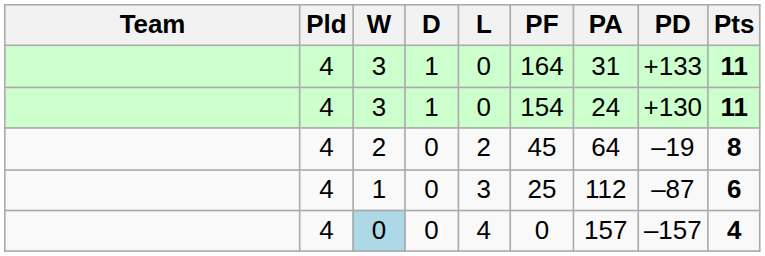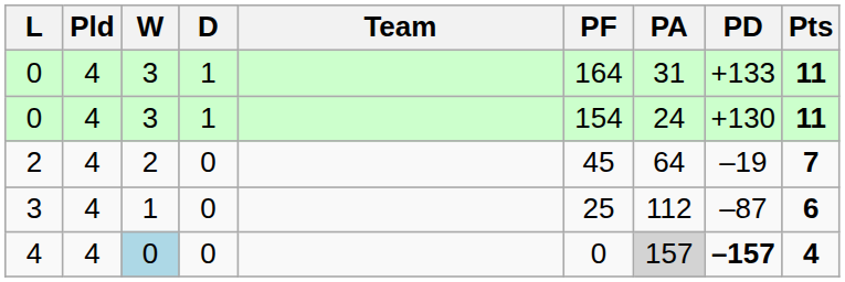 <table class="wikitable" style="text-align:center;">
 <tr>
-<th width=175>Team</th>
+<th width=25 abbr="Lost">L</th>
 <th width=25 abbr="Played">Pld</th>
 <th width=25 abbr="Won">W</th>
 <th width=25 abbr="Drawn">D</th>
-<th width=25 abbr="Lost">L</th>
+<th width=175>Team</th>
 <th width=32 abbr="Points for">PF</th>
 <th width=32 abbr="Points against">PA</th>
 <th width=32 abbr="Points difference">PD</th>
 <th width=25 abbr="Points">Pts</th>
 </tr>
 <tr bgcolor=ccffcc>
-<td align=left></td>
+<td>0</td>
 <td>4</td>
 <td>3</td>
 <td>1</td>
-<td>0</td>
+<td align=left></td>
 <td>164</td>
 <td>31</td>
 <td>+133</td>
 <td><strong>11</strong></td>
 </tr>
 <tr bgcolor=ccffcc>
-<td align=left></td>
+<td>0</td>
 <td>4</td>
 <td>3</td>
 <td>1</td>
-<td>0</td>
+<td align=left></td>
 <td>154</td>
 <td>24</td>
 <td>+130</td>
 <td><strong>11</strong></td>
 </tr>
 <tr>
-<td align=left></td>
+<td>2</td>
 <td>4</td>
 <td>2</td>
 <td>0</td>
-<td>2</td>
+<td align=left></td>
 <td>45</td>
 <td>64</td>
 <td>–19</td>
-<td><strong>8</strong></td>
+<td><strong>7</strong></td>
 </tr>
 <tr>
-<td align=left></td>
+<td>3</td>
 <td>4</td>
 <td>1</td>
 <td>0</td>
-<td>3</td>
+<td align=left></td>
 <td>25</td>
 <td>112</td>
 <td>–87</td>
 <td><strong>6</strong></td>
 </tr>
 <tr>
-<td align=left></td>
+<td>4</td>
 <td>4</td>
 <td style="background: lightblue;">0</td>
 <td>0</td>
-<td>4</td>
+<td align=left></td>
 <td>0</td>
-<td>157</td>
-<td>–157</td>
+<td style="background: lightgrey;">157</td>
+<td><strong>–157</strong></td>
 <td><strong>4</strong></td>
 </tr>
 </table>
